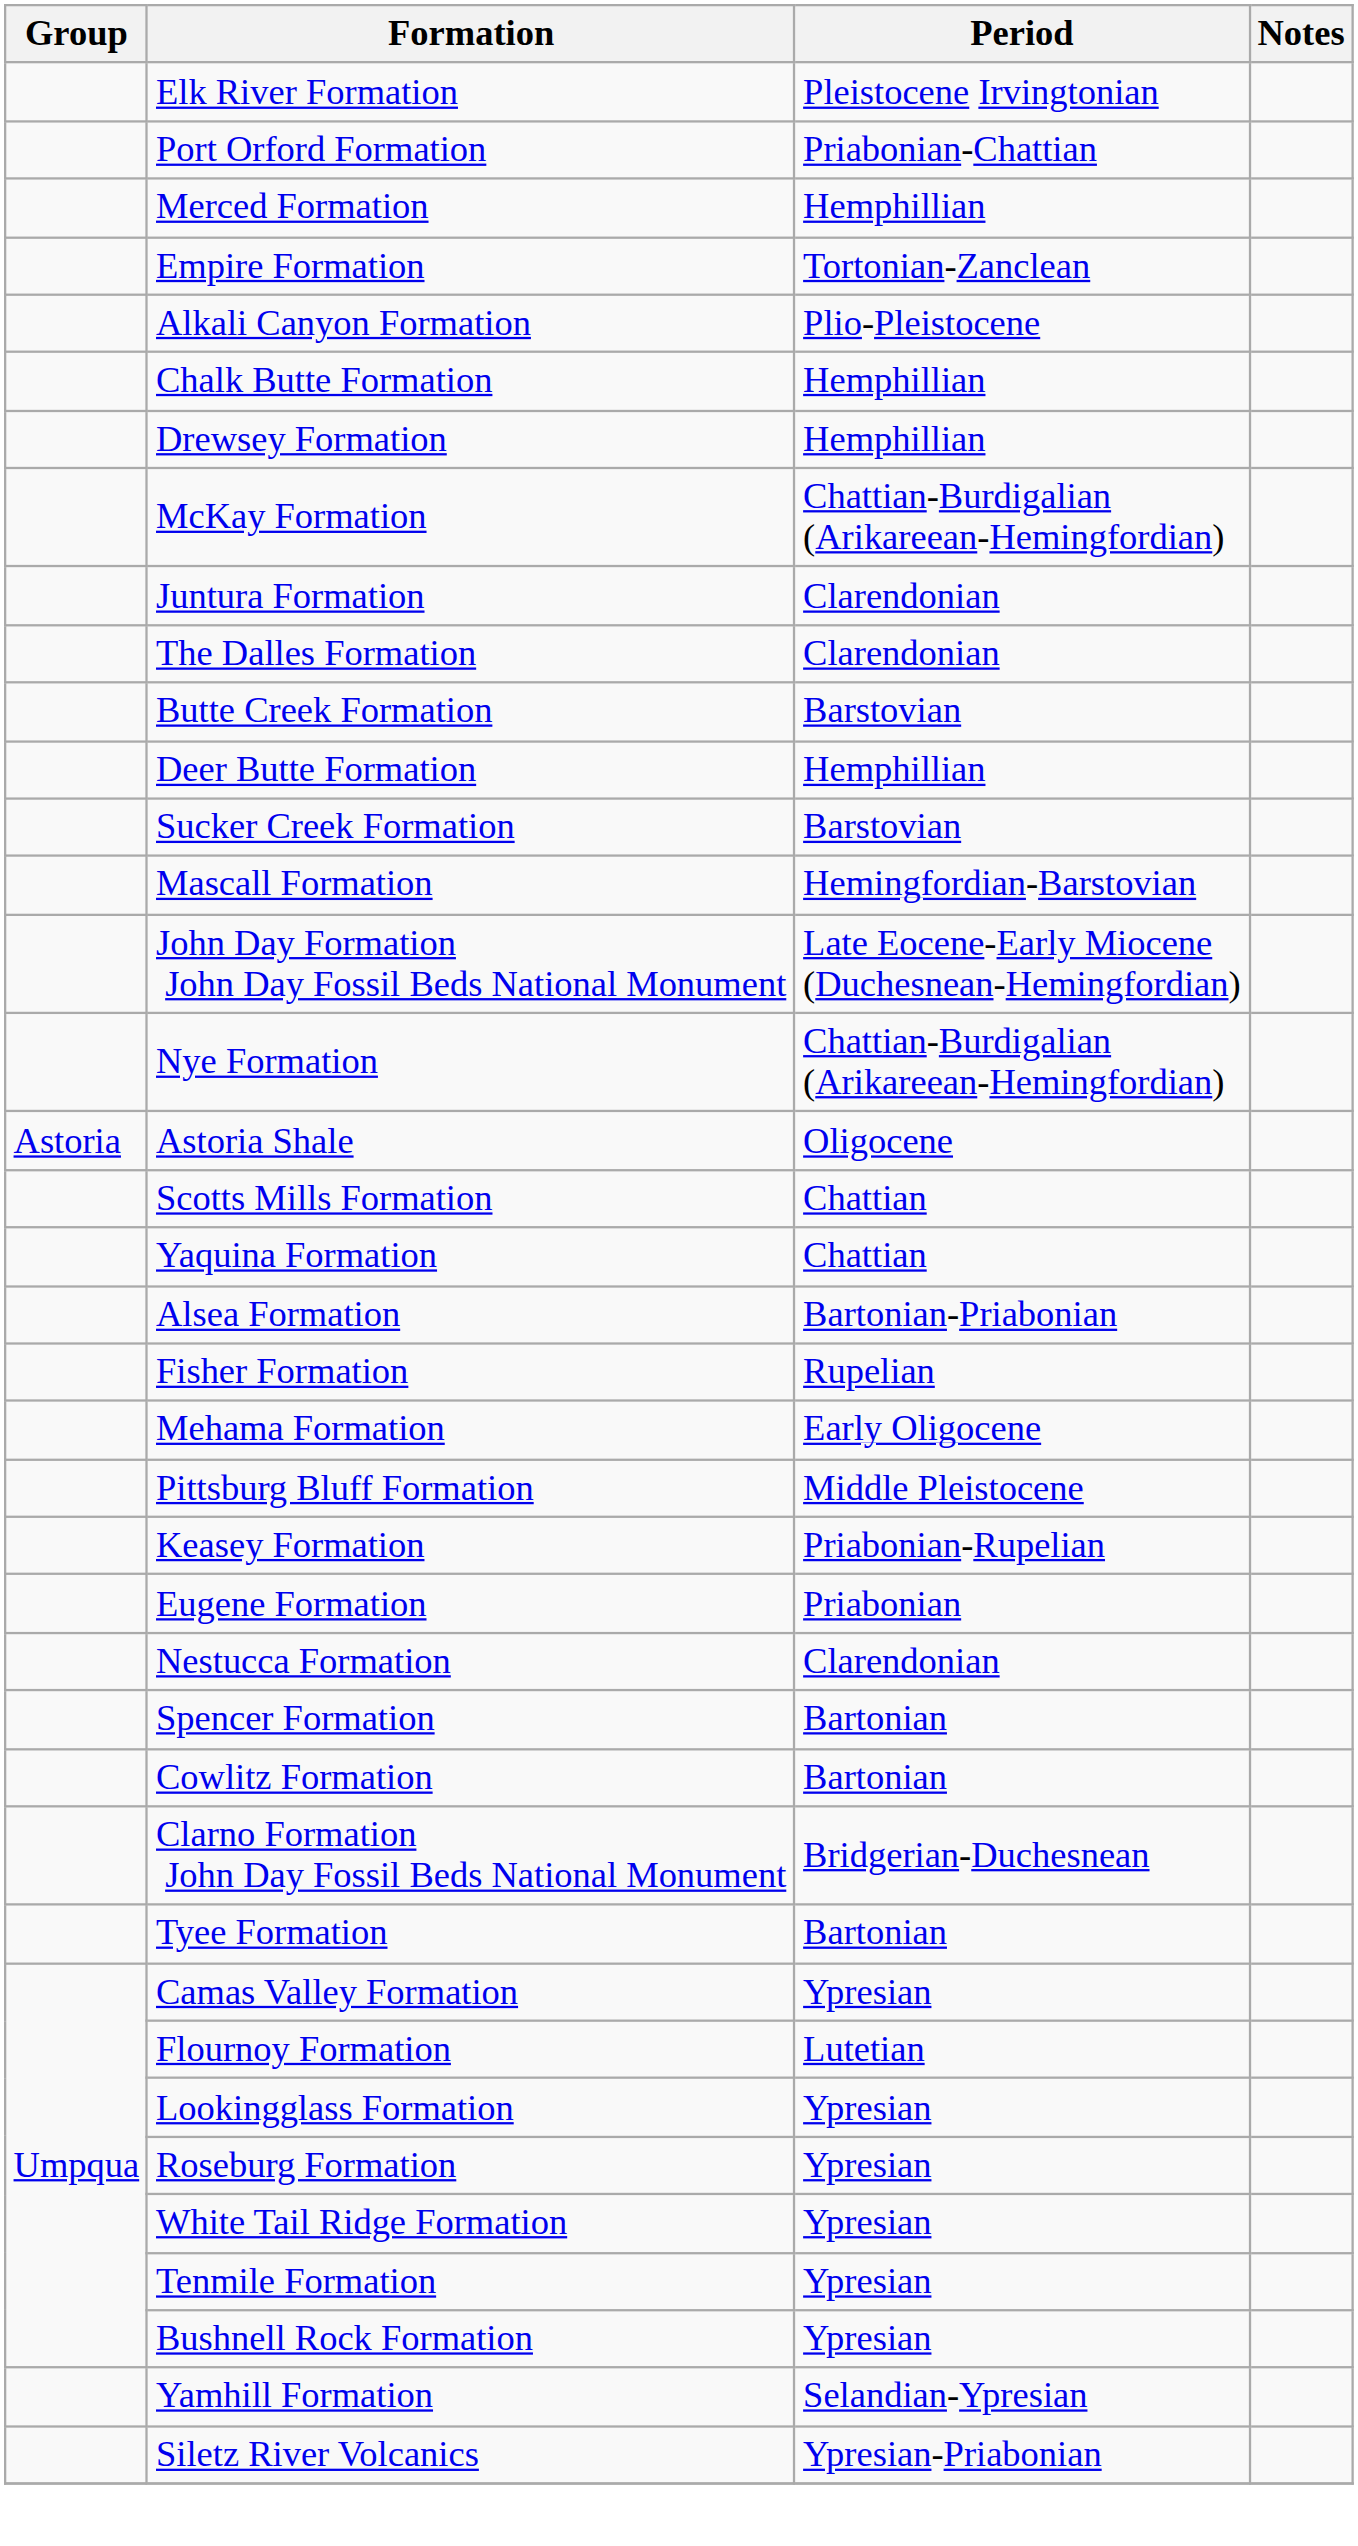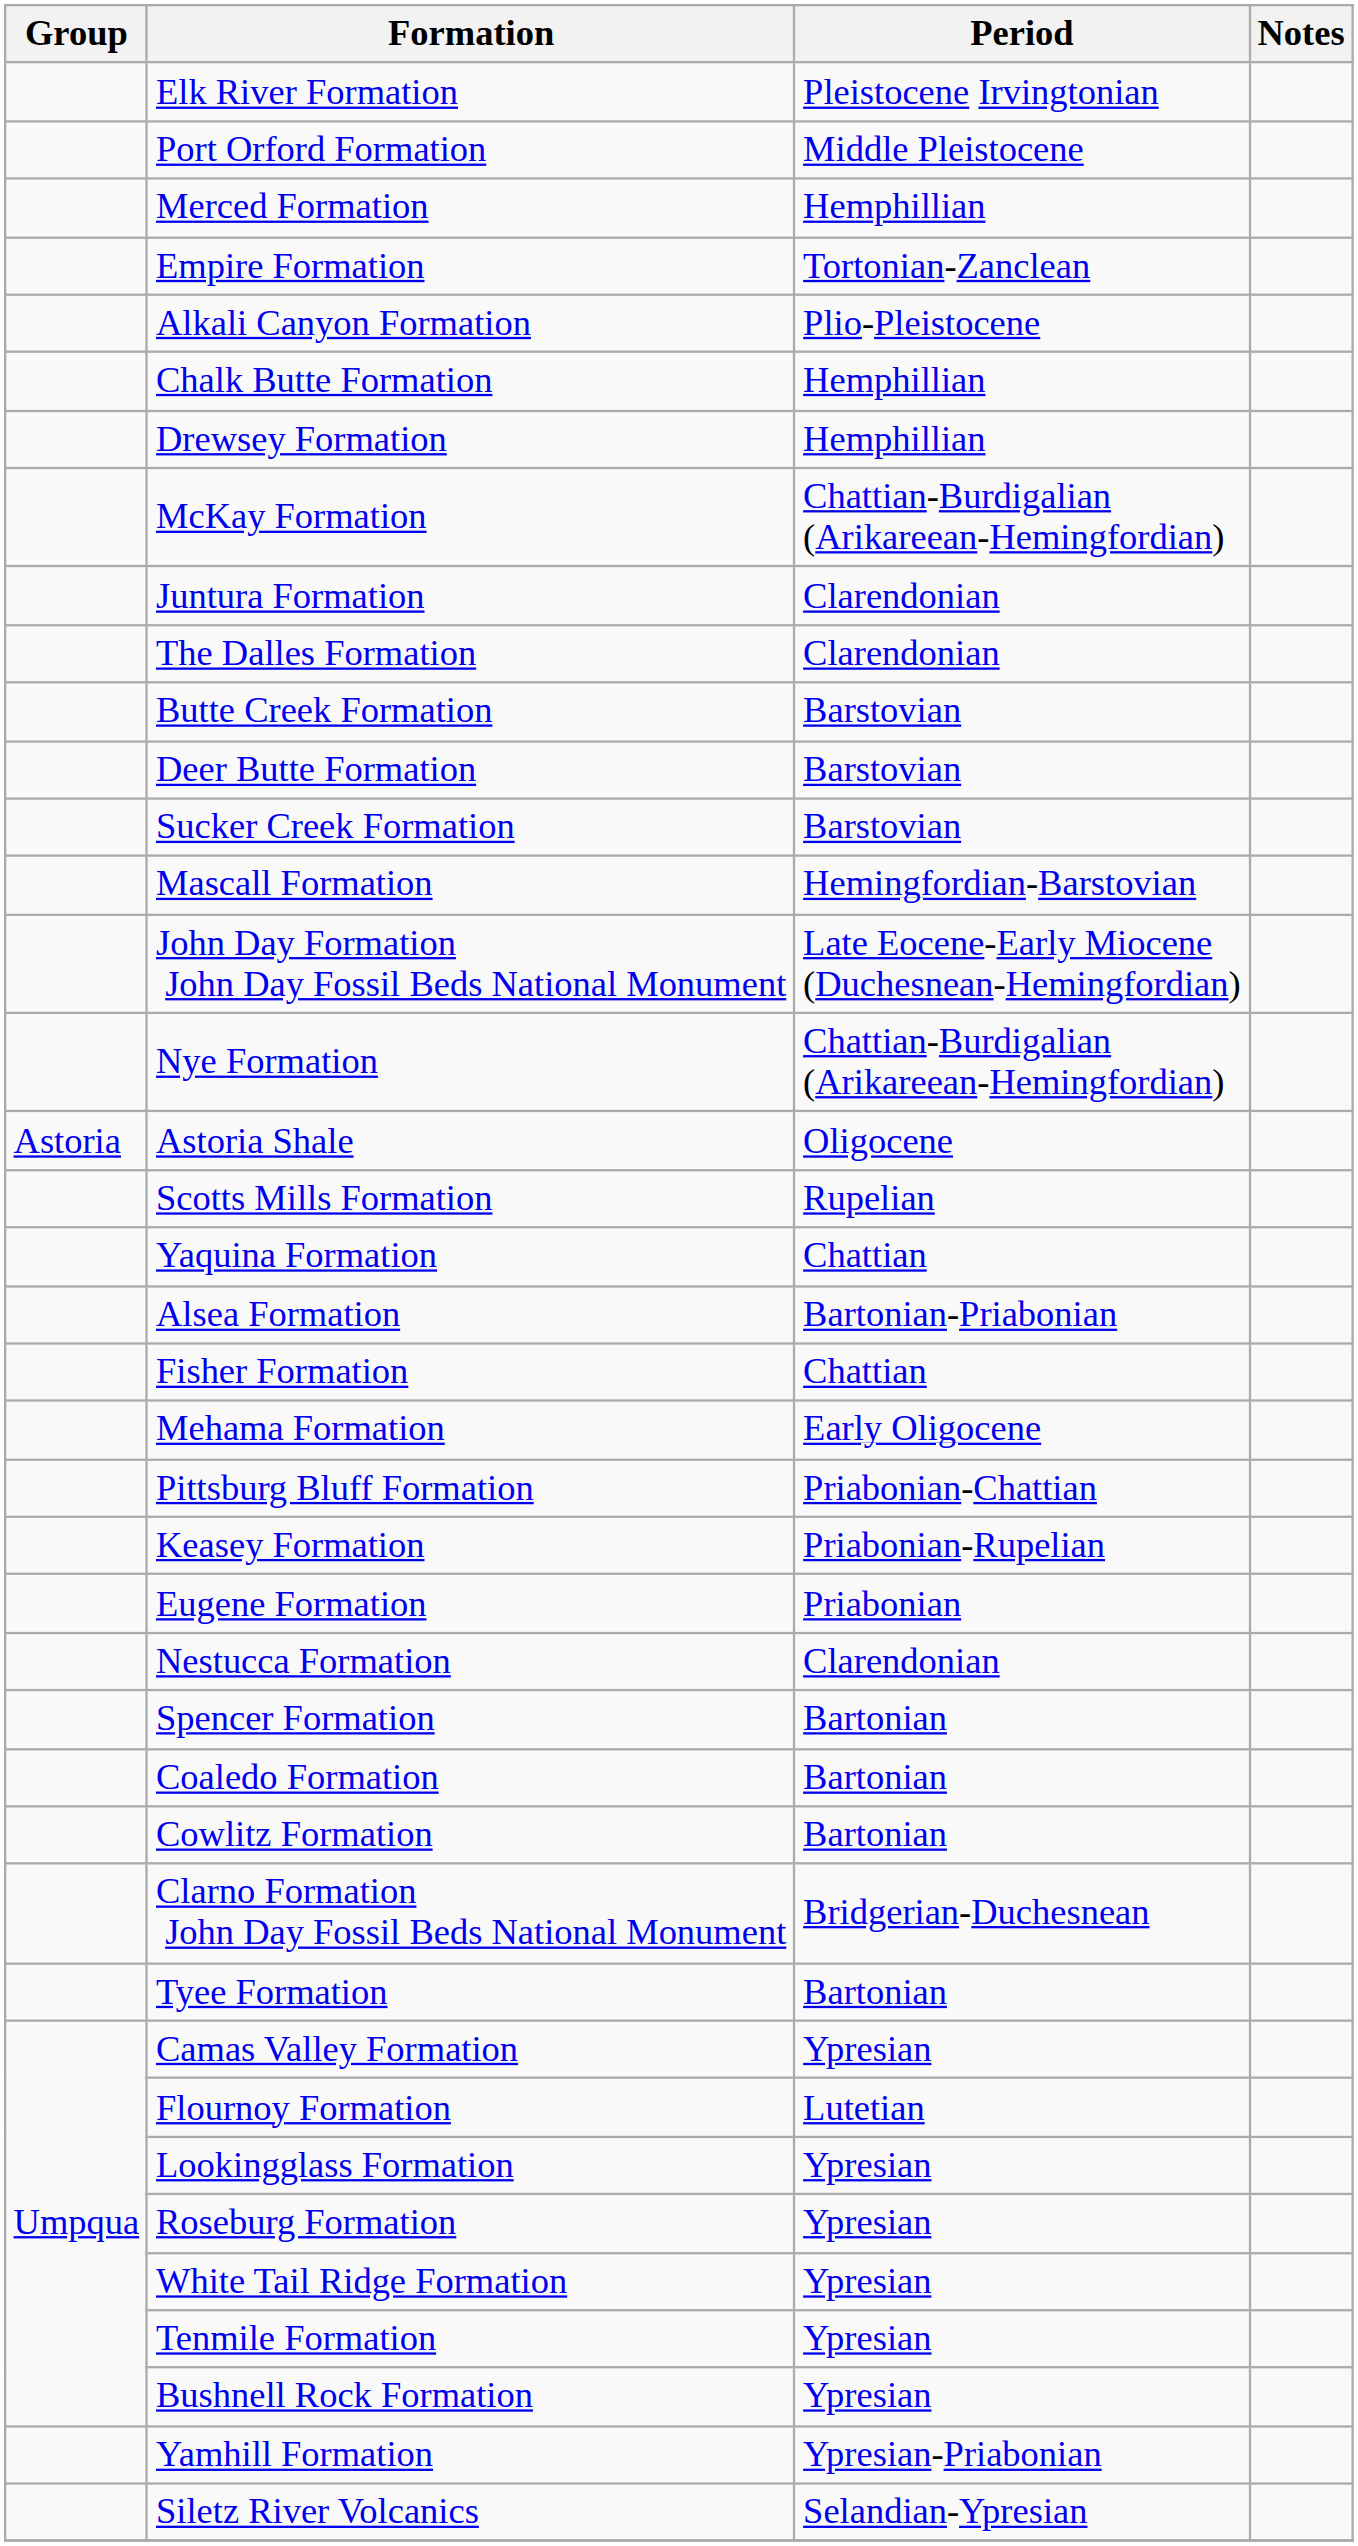 <table class="wikitable sortable">
 <tr>
 <th>Group</th>
 <th>Formation</th>
 <th>Period</th>
 <th>Notes</th>
 </tr>
 <tr>
 <td></td>
 <td><a href='#'>Elk River Formation</a></td>
 <td style="background-color: "><a href='#'>Pleistocene</a> <a href='#'>Irvingtonian</a></td>
 <td align=center></td>
 </tr>
 <tr>
 <td></td>
 <td><a href='#'>Port Orford Formation</a></td>
-<td style="background-color: "><a href='#'>Priabonian</a>-<a href='#'>Chattian</a></td>
+<td style="background-color: "><a href='#'>Middle Pleistocene</a></td>
 <td align=center></td>
 </tr>
 <tr>
 <td></td>
 <td><a href='#'>Merced Formation</a></td>
 <td style="background-color: "><a href='#'>Hemphillian</a></td>
 <td align=center></td>
 </tr>
 <tr>
 <td></td>
 <td><a href='#'>Empire Formation</a></td>
 <td style="background-color: "><a href='#'>Tortonian</a>-<a href='#'>Zanclean</a></td>
 <td align=center></td>
 </tr>
 <tr>
 <td></td>
 <td><a href='#'>Alkali Canyon Formation</a></td>
 <td style="background-color: "><a href='#'>Plio</a>-<a href='#'>Pleistocene</a></td>
 <td align=center></td>
 </tr>
 <tr>
 <td></td>
 <td><a href='#'>Chalk Butte Formation</a></td>
 <td style="background-color: "><a href='#'>Hemphillian</a></td>
 <td align=center></td>
 </tr>
 <tr>
 <td></td>
 <td><a href='#'>Drewsey Formation</a></td>
 <td style="background-color: "><a href='#'>Hemphillian</a></td>
 <td align=center></td>
 </tr>
 <tr>
 <td></td>
 <td><a href='#'>McKay Formation</a></td>
 <td style="background-color: "><a href='#'>Chattian</a>-<a href='#'>Burdigalian</a><br>(<a href='#'>Arikareean</a>-<a href='#'>Hemingfordian</a>)</td>
 <td align=center></td>
 </tr>
 <tr>
 <td></td>
 <td><a href='#'>Juntura Formation</a></td>
 <td style="background-color: "><a href='#'>Clarendonian</a></td>
 <td align=center></td>
 </tr>
 <tr>
 <td></td>
 <td><a href='#'>The Dalles Formation</a></td>
 <td style="background-color: "><a href='#'>Clarendonian</a></td>
 <td align=center></td>
 </tr>
 <tr>
 <td></td>
 <td><a href='#'>Butte Creek Formation</a></td>
 <td style="background-color: "><a href='#'>Barstovian</a></td>
 <td align=center></td>
 </tr>
 <tr>
 <td></td>
 <td><a href='#'>Deer Butte Formation</a></td>
-<td style="background-color: "><a href='#'>Hemphillian</a></td>
+<td style="background-color: "><a href='#'>Barstovian</a></td>
 <td align=center></td>
 </tr>
 <tr>
 <td></td>
 <td><a href='#'>Sucker Creek Formation</a></td>
 <td style="background-color: "><a href='#'>Barstovian</a></td>
 <td align=center></td>
 </tr>
 <tr>
 <td></td>
 <td><a href='#'>Mascall Formation</a></td>
 <td style="background-color: "><a href='#'>Hemingfordian</a>-<a href='#'>Barstovian</a></td>
 <td align=center></td>
 </tr>
 <tr>
 <td></td>
 <td><a href='#'>John Day Formation</a><br> <a href='#'>John Day Fossil Beds National Monument</a></td>
 <td style="background-color: "><a href='#'>Late Eocene</a>-<a href='#'>Early Miocene</a><br>(<a href='#'>Duchesnean</a>-<a href='#'>Hemingfordian</a>)</td>
 <td align=center></td>
 </tr>
 <tr>
 <td></td>
 <td><a href='#'>Nye Formation</a></td>
 <td style="background-color: "><a href='#'>Chattian</a>-<a href='#'>Burdigalian</a><br>(<a href='#'>Arikareean</a>-<a href='#'>Hemingfordian</a>)</td>
 <td align=center></td>
 </tr>
 <tr>
 <td><a href='#'>Astoria</a></td>
 <td><a href='#'>Astoria Shale</a></td>
 <td style="background-color: "><a href='#'>Oligocene</a></td>
 <td align=center></td>
 </tr>
 <tr>
 <td></td>
 <td><a href='#'>Scotts Mills Formation</a></td>
-<td style="background-color: "><a href='#'>Chattian</a></td>
+<td style="background-color: "><a href='#'>Rupelian</a></td>
 <td align=center></td>
 </tr>
 <tr>
 <td></td>
 <td><a href='#'>Yaquina Formation</a></td>
 <td style="background-color: "><a href='#'>Chattian</a></td>
 <td align=center></td>
 </tr>
 <tr>
 <td></td>
 <td><a href='#'>Alsea Formation</a></td>
 <td style="background-color: "><a href='#'>Bartonian</a>-<a href='#'>Priabonian</a></td>
 <td align=center></td>
 </tr>
 <tr>
 <td></td>
 <td><a href='#'>Fisher Formation</a></td>
-<td style="background-color: "><a href='#'>Rupelian</a></td>
+<td style="background-color: "><a href='#'>Chattian</a></td>
 <td align=center></td>
 </tr>
 <tr>
 <td></td>
 <td><a href='#'>Mehama Formation</a></td>
 <td style="background-color: "><a href='#'>Early Oligocene</a></td>
 <td align=center></td>
 </tr>
 <tr>
 <td></td>
 <td><a href='#'>Pittsburg Bluff Formation</a></td>
-<td style="background-color: "><a href='#'>Middle Pleistocene</a></td>
+<td style="background-color: "><a href='#'>Priabonian</a>-<a href='#'>Chattian</a></td>
 <td align=center></td>
 </tr>
 <tr>
 <td></td>
 <td><a href='#'>Keasey Formation</a></td>
 <td style="background-color: "><a href='#'>Priabonian</a>-<a href='#'>Rupelian</a></td>
 <td align=center></td>
 </tr>
 <tr>
 <td></td>
 <td><a href='#'>Eugene Formation</a></td>
 <td style="background-color: "><a href='#'>Priabonian</a></td>
 <td align=center></td>
 </tr>
 <tr>
 <td></td>
 <td><a href='#'>Nestucca Formation</a></td>
 <td style="background-color: "><a href='#'>Clarendonian</a></td>
 <td align=center></td>
 </tr>
 <tr>
 <td></td>
 <td><a href='#'>Spencer Formation</a></td>
+<td style="background-color: "><a href='#'>Bartonian</a></td>
+<td align=center></td>
+</tr>
+<tr>
+<td></td>
+<td><a href='#'>Coaledo Formation</a></td>
 <td style="background-color: "><a href='#'>Bartonian</a></td>
 <td align=center></td>
 </tr>
 <tr>
 <td></td>
 <td><a href='#'>Cowlitz Formation</a></td>
 <td style="background-color: "><a href='#'>Bartonian</a></td>
 <td align=center></td>
 </tr>
 <tr>
 <td></td>
 <td><a href='#'>Clarno Formation</a><br> <a href='#'>John Day Fossil Beds National Monument</a></td>
 <td style="background-color: "><a href='#'>Bridgerian</a>-<a href='#'>Duchesnean</a></td>
 <td align=center></td>
 </tr>
 <tr>
 <td></td>
 <td><a href='#'>Tyee Formation</a></td>
 <td style="background-color: "><a href='#'>Bartonian</a></td>
 <td align=center></td>
 </tr>
 <tr>
 <td rowspan=7><a href='#'>Umpqua</a></td>
 <td><a href='#'>Camas Valley Formation</a></td>
 <td style="background-color: "><a href='#'>Ypresian</a></td>
 <td align=center></td>
 </tr>
 <tr>
 <td><a href='#'>Flournoy Formation</a></td>
 <td style="background-color: "><a href='#'>Lutetian</a></td>
 <td align=center></td>
 </tr>
 <tr>
 <td><a href='#'>Lookingglass Formation</a></td>
 <td style="background-color: "><a href='#'>Ypresian</a></td>
 <td align=center></td>
 </tr>
 <tr>
 <td><a href='#'>Roseburg Formation</a></td>
 <td style="background-color: "><a href='#'>Ypresian</a></td>
 <td align=center></td>
 </tr>
 <tr>
 <td><a href='#'>White Tail Ridge Formation</a></td>
 <td style="background-color: "><a href='#'>Ypresian</a></td>
 <td align=center></td>
 </tr>
 <tr>
 <td><a href='#'>Tenmile Formation</a></td>
 <td style="background-color: "><a href='#'>Ypresian</a></td>
 <td align=center></td>
 </tr>
 <tr>
 <td><a href='#'>Bushnell Rock Formation</a></td>
 <td style="background-color: "><a href='#'>Ypresian</a></td>
 <td align=center></td>
 </tr>
 <tr>
 <td></td>
 <td><a href='#'>Yamhill Formation</a></td>
-<td style="background-color: "><a href='#'>Selandian</a>-<a href='#'>Ypresian</a></td>
+<td style="background-color: "><a href='#'>Ypresian</a>-<a href='#'>Priabonian</a></td>
 <td align=center></td>
 </tr>
 <tr>
 <td></td>
 <td><a href='#'>Siletz River Volcanics</a></td>
-<td style="background-color: "><a href='#'>Ypresian</a>-<a href='#'>Priabonian</a></td>
+<td style="background-color: "><a href='#'>Selandian</a>-<a href='#'>Ypresian</a></td>
 <td align=center></td>
 </tr>
 <tr>
 </tr>
 </table>
